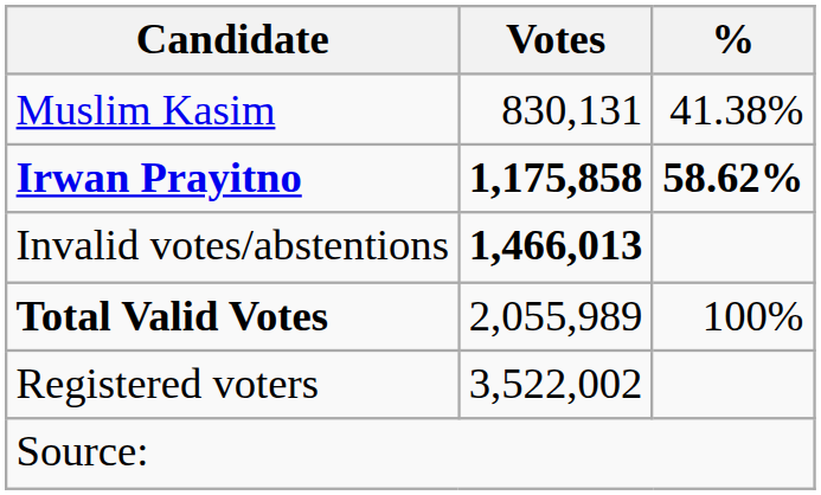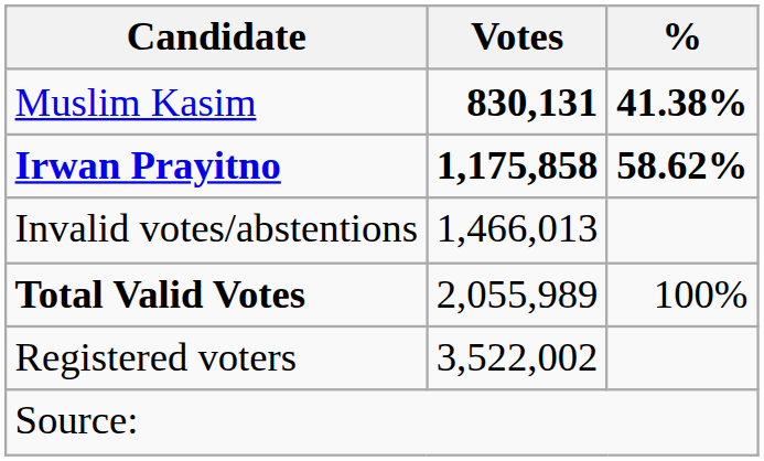 <table class=wikitable style=text-align:right>
 <tr>
 <th>Candidate</th>
 <th>Votes</th>
 <th>%</th>
 </tr>
 <tr>
 <td style="text-align:left"><a href='#'>Muslim Kasim</a></td>
-<td>830,131</td>
-<td>41.38%</td>
+<td><strong>830,131</strong></td>
+<td><strong>41.38%</strong></td>
 </tr>
 <tr>
 <td style="text-align:left"><strong><a href='#'>Irwan Prayitno</a></strong></td>
 <td><strong>1,175,858</strong></td>
 <td><strong>58.62%</strong></td>
 </tr>
 <tr>
 <td style="text-align:left" colspan="1">Invalid votes/abstentions</td>
-<td><strong>1,466,013</strong></td>
+<td>1,466,013</td>
 <td></td>
 </tr>
 <tr>
 <td style="text-align:left" colspan="1"><strong>Total Valid Votes</strong></td>
 <td>2,055,989</td>
 <td>100%</td>
 </tr>
 <tr>
 <td style="text-align:left" colspan="1">Registered voters</td>
 <td>3,522,002</td>
 <td></td>
 </tr>
 <tr>
 <td style="text-align:left" colspan="4">Source:   </td>
 </tr>
 </table>
